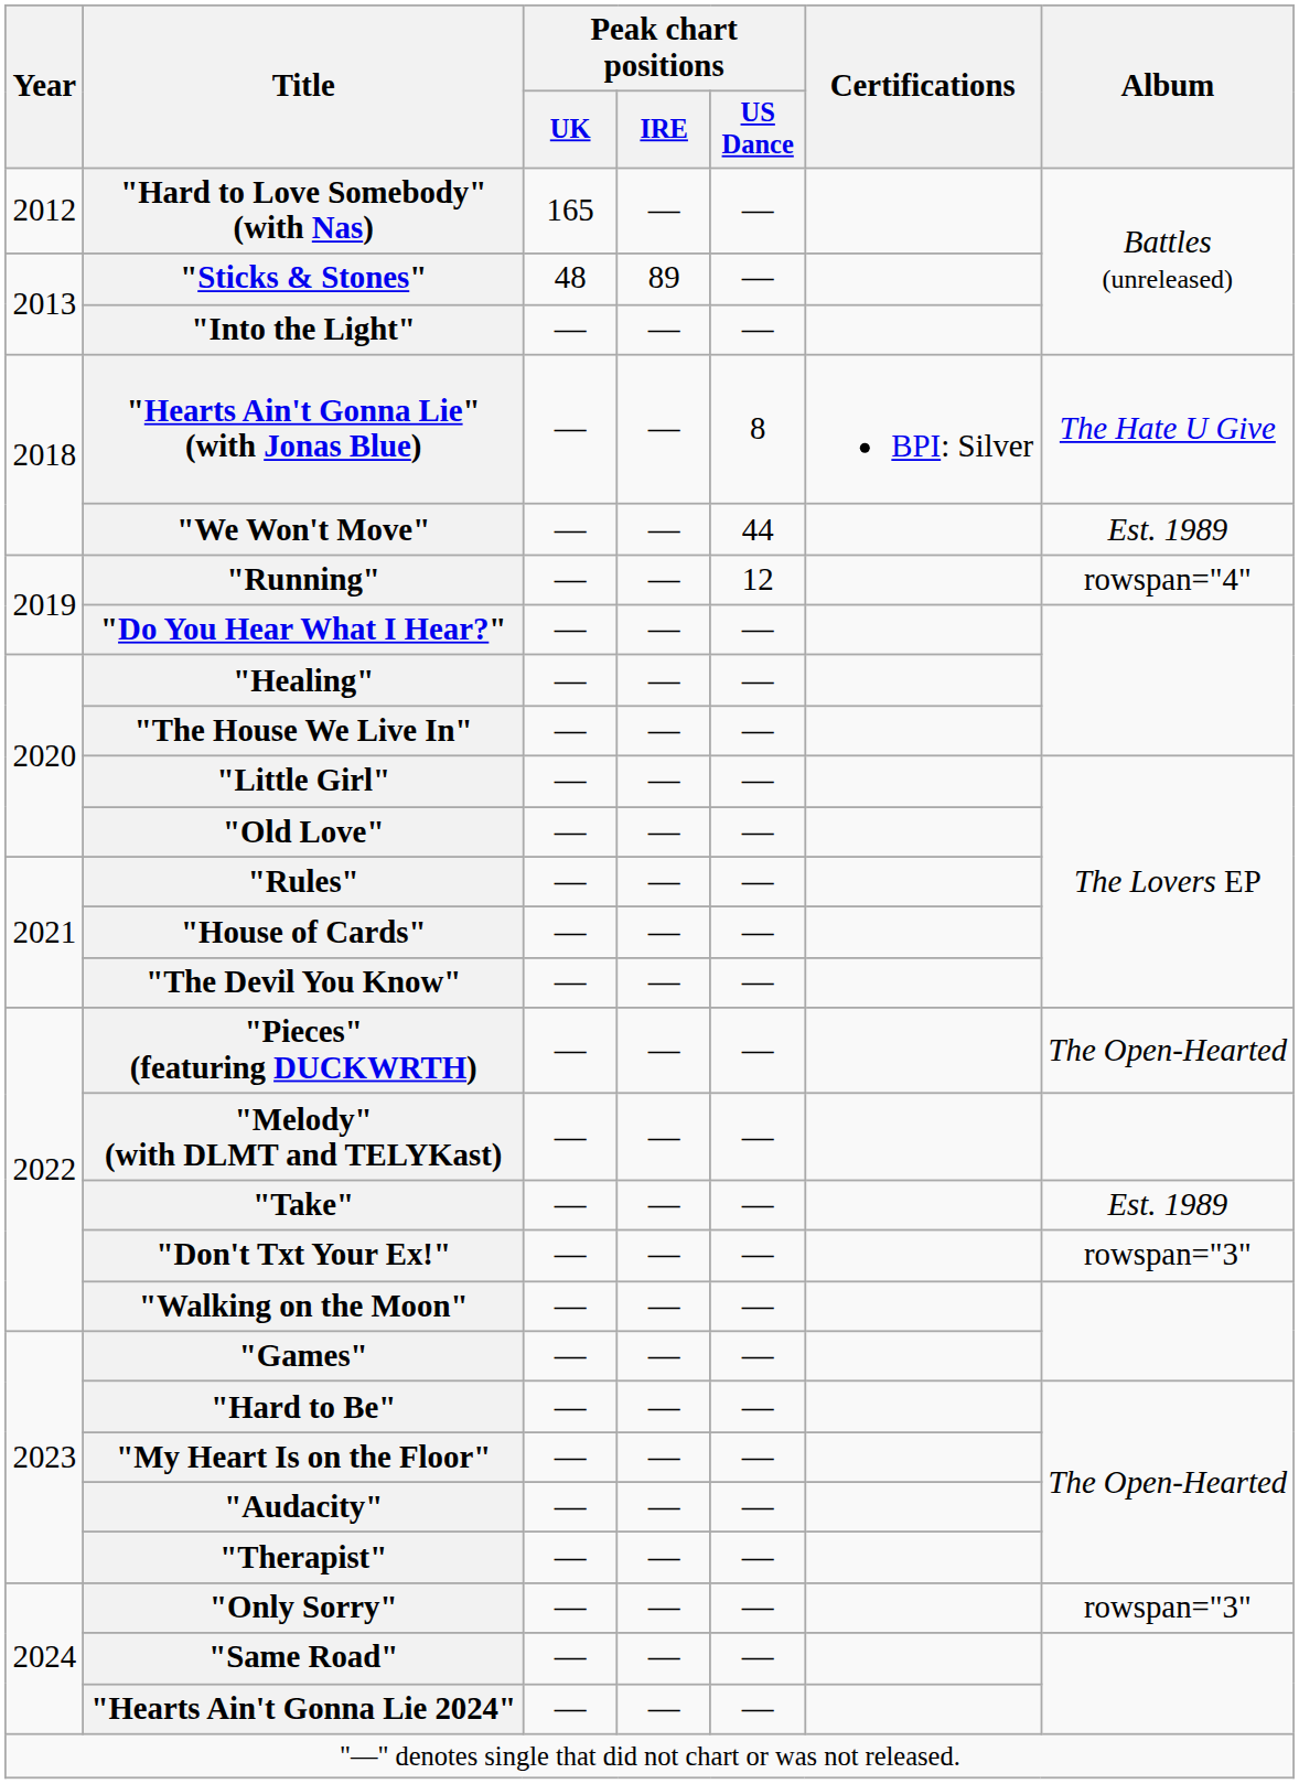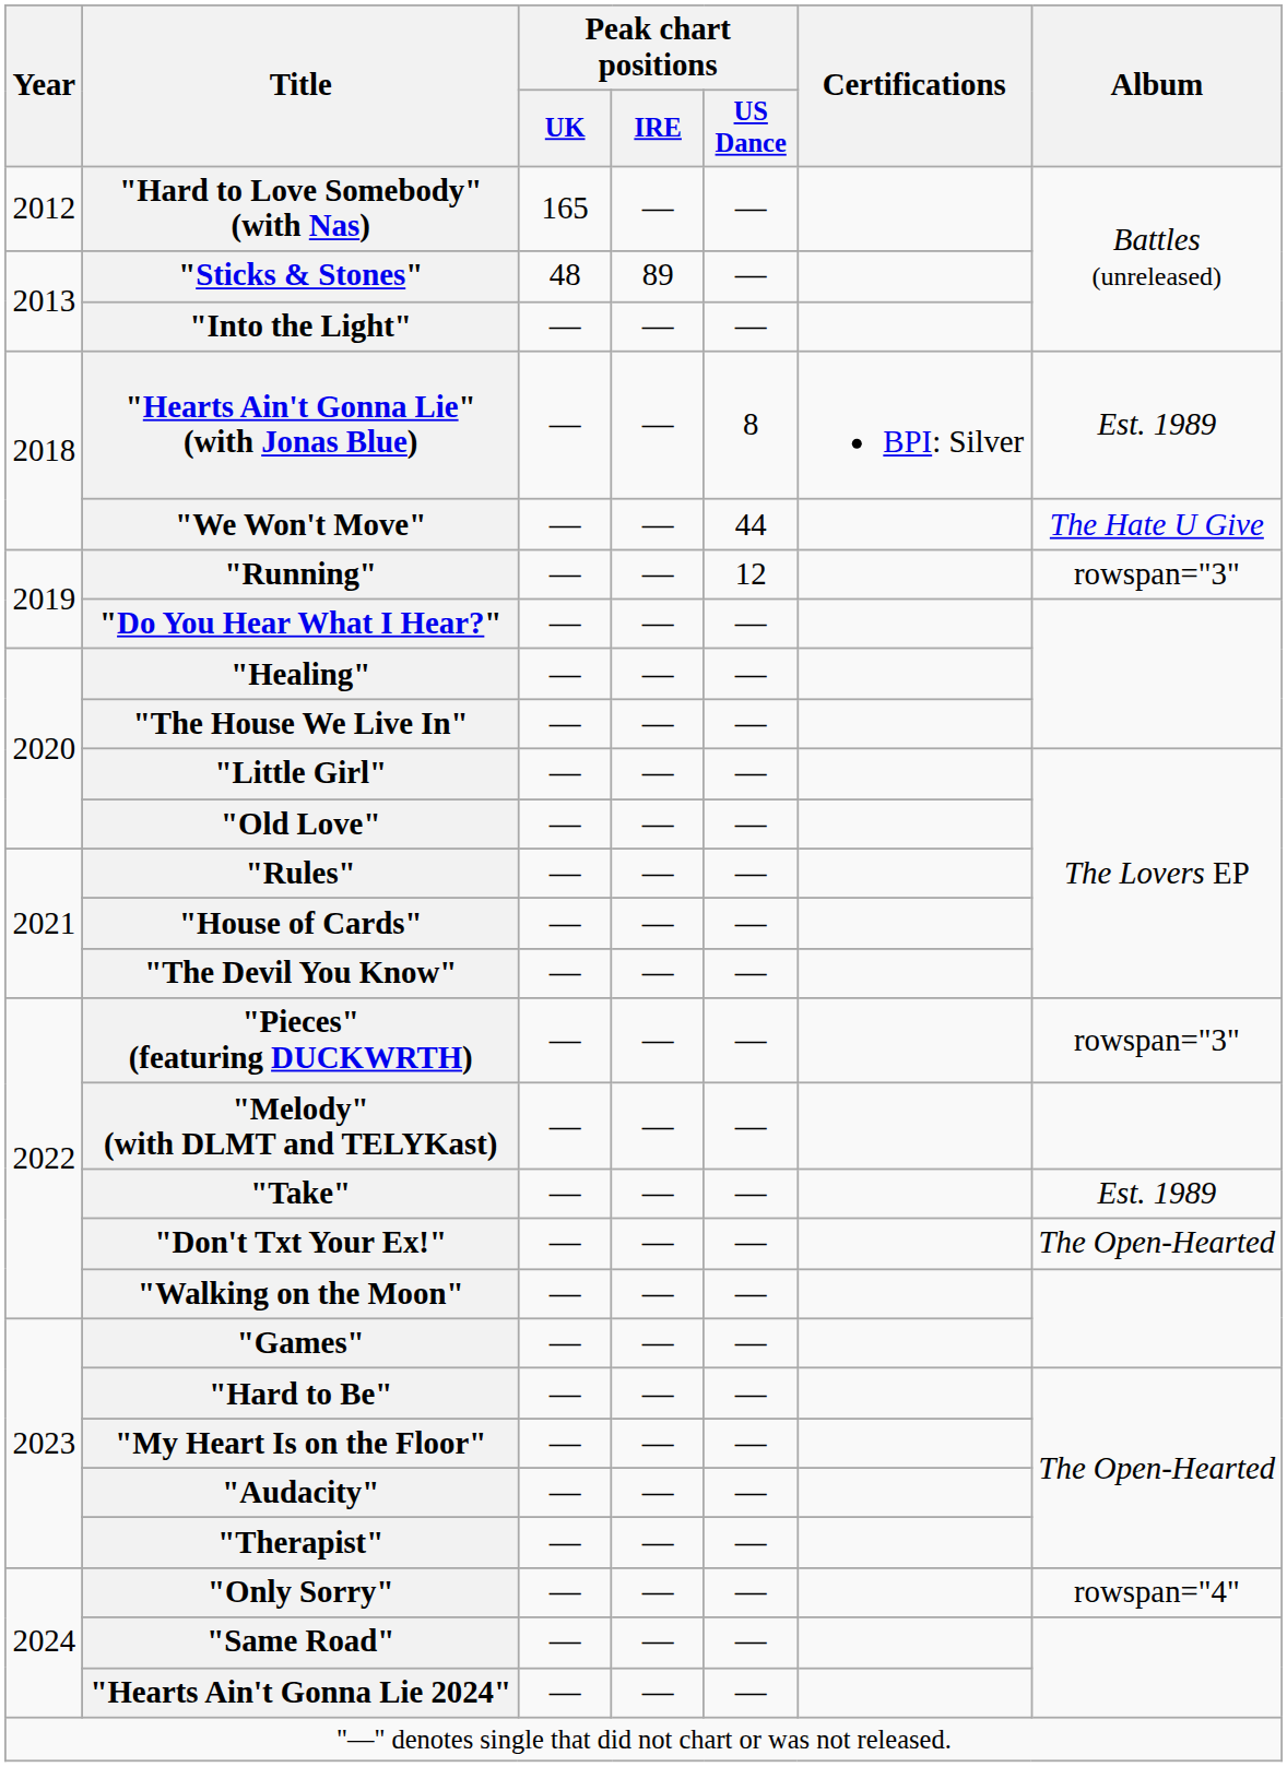 <table class="wikitable plainrowheaders" style="text-align:center;">
 <tr>
 <th scope="col" rowspan="2">Year</th>
 <th scope="col" rowspan="2">Title</th>
 <th scope="col" colspan="3">Peak chart positions</th>
 <th scope="col" rowspan="2">Certifications</th>
 <th scope="col" rowspan="2">Album</th>
 </tr>
 <tr>
 <th scope="col" style="width:3em;font-size:85%;"><a href='#'>UK</a><br></th>
 <th scope="col" style="width:3em;font-size:85%;"><a href='#'>IRE</a><br></th>
 <th scope="col" style="width:3em;font-size:85%;"><a href='#'>US<br>Dance</a><br></th>
 </tr>
 <tr>
 <td>2012</td>
 <th scope="row">"Hard to Love Somebody"<br><span>(with <a href='#'>Nas</a>)</span></th>
 <td>165</td>
 <td>—</td>
 <td>—</td>
 <td></td>
 <td rowspan="3"><em>Battles</em><br><small>(unreleased)</small></td>
 </tr>
 <tr>
 <td rowspan="2">2013</td>
 <th scope="row">"<a href='#'>Sticks & Stones</a>"</th>
 <td>48</td>
 <td>89</td>
 <td>—</td>
 <td></td>
 </tr>
 <tr>
 <th scope="row">"Into the Light"</th>
 <td>—</td>
 <td>—</td>
 <td>—</td>
 <td></td>
 </tr>
 <tr>
 <td rowspan="2">2018</td>
 <th scope="row">"<a href='#'>Hearts Ain't Gonna Lie</a>"<br><span>(with <a href='#'>Jonas Blue</a>)</span></th>
 <td>—</td>
 <td>—</td>
 <td>8</td>
 <td><br><ul><li><a href='#'>BPI</a>: Silver</li></ul></td>
-<td><em><a href='#'>The Hate U Give</a></em></td>
+<td><em>Est. 1989</em></td>
 </tr>
 <tr>
 <th scope="row">"We Won't Move"</th>
 <td>—</td>
 <td>—</td>
 <td>44</td>
 <td></td>
-<td><em>Est. 1989</em></td>
+<td><em><a href='#'>The Hate U Give</a></em></td>
 </tr>
 <tr>
 <td rowspan="2">2019</td>
 <th scope="row">"Running"</th>
 <td>—</td>
 <td>—</td>
 <td>12</td>
 <td></td>
-<td>rowspan="4" </td>
+<td>rowspan="3" </td>
 </tr>
 <tr>
 <th scope="row">"<a href='#'>Do You Hear What I Hear?</a>"</th>
 <td>—</td>
 <td>—</td>
 <td>—</td>
 <td></td>
 </tr>
 <tr>
 <td rowspan="4">2020</td>
 <th scope="row">"Healing"</th>
 <td>—</td>
 <td>—</td>
 <td>—</td>
 <td></td>
 </tr>
 <tr>
 <th scope="row">"The House We Live In"</th>
 <td>—</td>
 <td>—</td>
 <td>—</td>
 <td></td>
 </tr>
 <tr>
 <th scope="row">"Little Girl"</th>
 <td>—</td>
 <td>—</td>
 <td>—</td>
 <td></td>
 <td rowspan="5"><em>The Lovers</em> EP</td>
 </tr>
 <tr>
 <th scope="row">"Old Love"</th>
 <td>—</td>
 <td>—</td>
 <td>—</td>
 <td></td>
 </tr>
 <tr>
 <td rowspan="3">2021</td>
 <th scope="row">"Rules"</th>
 <td>—</td>
 <td>—</td>
 <td>—</td>
 <td></td>
 </tr>
 <tr>
 <th scope="row">"House of Cards"</th>
 <td>—</td>
 <td>—</td>
 <td>—</td>
 <td></td>
 </tr>
 <tr>
 <th scope="row">"The Devil You Know"</th>
 <td>—</td>
 <td>—</td>
 <td>—</td>
 <td></td>
 </tr>
 <tr>
 <td rowspan="5">2022</td>
 <th scope="row">"Pieces"<br><span>(featuring <a href='#'>DUCKWRTH</a>)</span></th>
 <td>—</td>
 <td>—</td>
 <td>—</td>
 <td></td>
-<td><em>The Open-Hearted</em></td>
+<td>rowspan="3" </td>
 </tr>
 <tr>
 <th scope="row">"Melody"<br><span>(with DLMT and TELYKast)</span></th>
 <td>—</td>
 <td>—</td>
 <td>—</td>
 <td></td>
 <td></td>
 </tr>
 <tr>
 <th scope="row">"Take"</th>
 <td>—</td>
 <td>—</td>
 <td>—</td>
 <td></td>
 <td><em>Est. 1989</em></td>
 </tr>
 <tr>
 <th scope="row">"Don't Txt Your Ex!"</th>
 <td>—</td>
 <td>—</td>
 <td>—</td>
 <td></td>
-<td>rowspan="3" </td>
+<td><em>The Open-Hearted</em></td>
 </tr>
 <tr>
 <th scope="row">"Walking on the Moon"</th>
 <td>—</td>
 <td>—</td>
 <td>—</td>
 <td></td>
 </tr>
 <tr>
 <td rowspan="5">2023</td>
 <th scope="row">"Games"</th>
 <td>—</td>
 <td>—</td>
 <td>—</td>
 <td></td>
 </tr>
 <tr>
 <th scope="row">"Hard to Be"</th>
 <td>—</td>
 <td>—</td>
 <td>—</td>
 <td></td>
 <td rowspan="4"><em>The Open-Hearted</em></td>
 </tr>
 <tr>
 <th scope="row">"My Heart Is on the Floor"</th>
 <td>—</td>
 <td>—</td>
 <td>—</td>
 <td></td>
 </tr>
 <tr>
 <th scope="row">"Audacity"</th>
 <td>—</td>
 <td>—</td>
 <td>—</td>
 <td></td>
 </tr>
 <tr>
 <th scope="row">"Therapist"</th>
 <td>—</td>
 <td>—</td>
 <td>—</td>
 <td></td>
 </tr>
 <tr>
 <td rowspan="3">2024</td>
 <th scope="row">"Only Sorry"</th>
 <td>—</td>
 <td>—</td>
 <td>—</td>
 <td></td>
-<td>rowspan="3" </td>
+<td>rowspan="4" </td>
 </tr>
 <tr>
 <th scope="row">"Same Road"</th>
 <td>—</td>
 <td>—</td>
 <td>—</td>
 <td></td>
 </tr>
 <tr>
 <th scope="row">"Hearts Ain't Gonna Lie 2024"</th>
 <td>—</td>
 <td>—</td>
 <td>—</td>
 <td></td>
 </tr>
 <tr>
 <td colspan="7" style="font-size:85%">"—" denotes single that did not chart or was not released.</td>
 </tr>
 </table>
